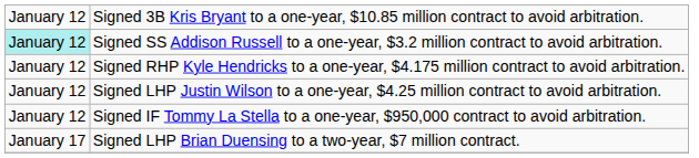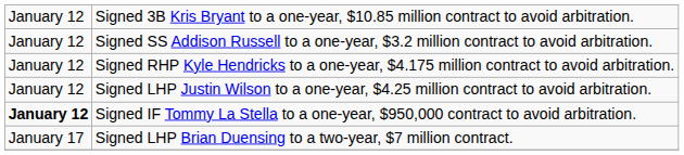 <table class="wikitable">
 <tr>
 <td>January 12</td>
 <td>Signed 3B <a href='#'>Kris Bryant</a> to a one-year, $10.85 million contract to avoid arbitration.</td>
 </tr>
 <tr>
-<td style="background: paleturquoise;">January 12</td>
+<td>January 12</td>
 <td>Signed SS <a href='#'>Addison Russell</a> to a one-year, $3.2 million contract to avoid arbitration.</td>
 </tr>
 <tr>
 <td>January 12</td>
 <td>Signed RHP <a href='#'>Kyle Hendricks</a> to a one-year, $4.175 million contract to avoid arbitration.</td>
 </tr>
 <tr>
 <td>January 12</td>
 <td>Signed LHP <a href='#'>Justin Wilson</a> to a one-year, $4.25 million contract to avoid arbitration.</td>
 </tr>
 <tr>
-<td>January 12</td>
+<td><strong>January 12</strong></td>
 <td>Signed IF <a href='#'>Tommy La Stella</a> to a one-year, $950,000 contract to avoid arbitration.</td>
 </tr>
 <tr>
 <td>January 17</td>
 <td>Signed LHP <a href='#'>Brian Duensing</a> to a two-year, $7 million contract.</td>
 </tr>
 <tr>
 </tr>
 </table>
